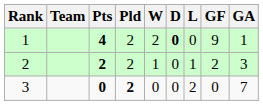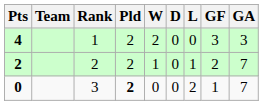 <table class=wikitable>
 <tr align=center>
+<th bgcolor=#efefef>Pts</th>
+<th bgcolor=#efefef>Team</th>
 <th bgcolor=#efefef>Rank</th>
-<th bgcolor=#efefef>Team</th>
-<th bgcolor=#efefef>Pts</th>
 <th bgcolor=#efefef>Pld</th>
 <th bgcolor=#efefef>W</th>
 <th bgcolor=#efefef>D</th>
 <th bgcolor=#efefef>L</th>
 <th bgcolor=#efefef>GF</th>
 <th bgcolor=#efefef>GA</th>
 </tr>
 <tr align=center style="background:#ccffcc;">
+<td><strong>4</strong></td>
+<td align=left></td>
 <td>1</td>
-<td align=left></td>
-<td><strong>4</strong></td>
 <td>2</td>
 <td>2</td>
-<td><strong>0</strong></td>
 <td>0</td>
-<td>9</td>
-<td>1</td>
+<td>0</td>
+<td>3</td>
+<td>3</td>
 </tr>
 <tr align=center style="background:#ccffcc;">
+<td><strong>2</strong></td>
+<td align=left></td>
 <td>2</td>
-<td align=left></td>
-<td><strong>2</strong></td>
 <td>2</td>
 <td>1</td>
 <td>0</td>
 <td>1</td>
 <td>2</td>
-<td>3</td>
+<td>7</td>
 </tr>
 <tr align=center>
+<td><strong>0</strong></td>
+<td align=left></td>
 <td>3</td>
-<td align=left></td>
-<td><strong>0</strong></td>
 <td><strong>2</strong></td>
 <td>0</td>
 <td>0</td>
 <td>2</td>
-<td>0</td>
+<td>1</td>
 <td>7</td>
 </tr>
 </table>
